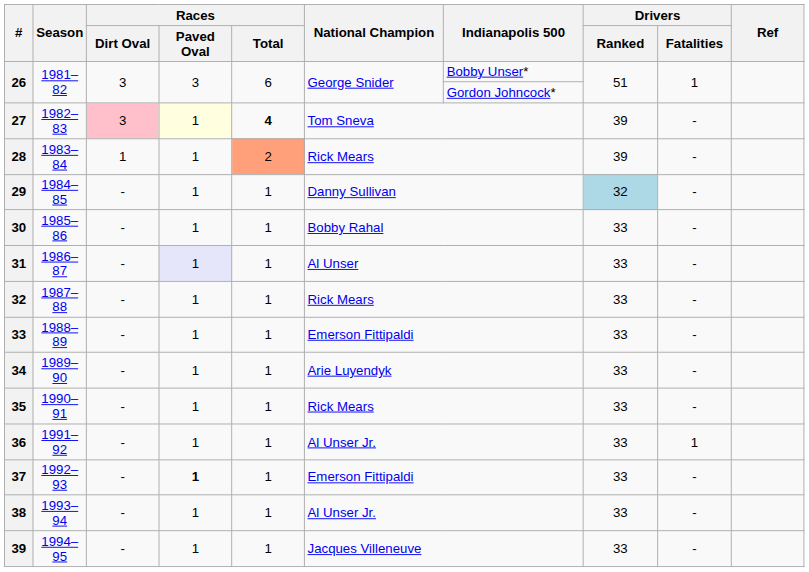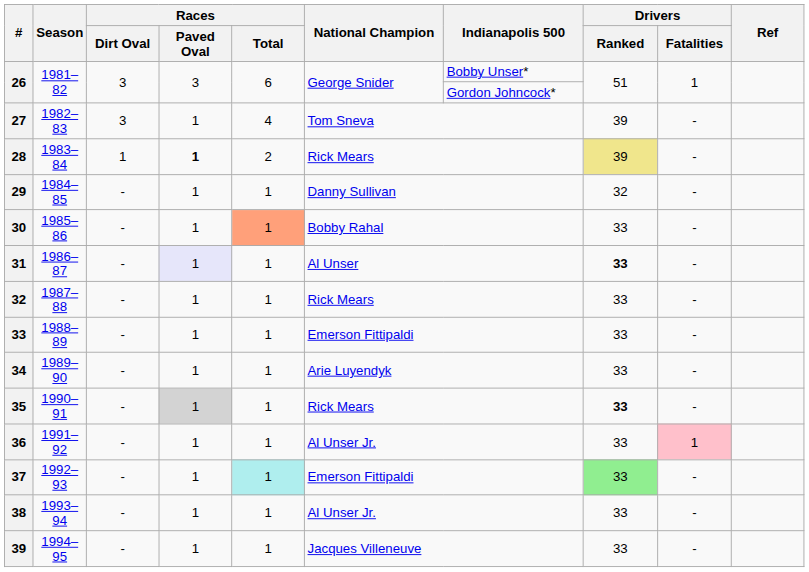 <table class="wikitable" style="font-size: 90%">
 <tr>
 <th rowspan="2" width="25">#</th>
 <th rowspan="2" width="50">Season</th>
 <th colspan="3">Races</th>
 <th rowspan="2" width="150">National Champion</th>
 <th rowspan="2" width="150">Indianapolis 500</th>
 <th colspan="2">Drivers</th>
 <th rowspan="2" width="75">Ref</th>
 </tr>
 <tr>
 <th width="75">Dirt Oval</th>
 <th width="75">Paved Oval</th>
 <th width="75">Total</th>
 <th width="75">Ranked</th>
 <th width="75">Fatalities</th>
 </tr>
 <tr>
 <th rowspan="2">26</th>
 <td align="center" rowspan="2"><a href='#'>1981–82</a></td>
 <td align="center" rowspan="2">3</td>
 <td align="center" rowspan="2">3</td>
 <td align="center" rowspan="2">6</td>
 <td rowspan="2"> <a href='#'>George Snider</a></td>
 <td> <a href='#'>Bobby Unser</a>*</td>
 <td rowspan="2" align="center">51</td>
 <td rowspan="2" align="center">1</td>
 <td rowspan="2" align="center"></td>
 </tr>
 <tr>
 <td> <a href='#'>Gordon Johncock</a>*</td>
 </tr>
 <tr>
 <th>27</th>
 <td align="center"><a href='#'>1982–83</a></td>
-<td align="center" style="background: pink;">3</td>
-<td align="center" style="background: lightyellow;">1</td>
-<td align="center"><strong>4</strong></td>
+<td align="center">3</td>
+<td align="center">1</td>
+<td align="center">4</td>
 <td colspan="2"> <a href='#'>Tom Sneva</a></td>
 <td align="center">39</td>
 <td align="center">-</td>
 <td align="center"></td>
 </tr>
 <tr>
 <th>28</th>
 <td align="center"><a href='#'>1983–84</a></td>
 <td align="center">1</td>
-<td align="center">1</td>
-<td align="center" style="background: lightsalmon;">2</td>
+<td align="center"><strong>1</strong></td>
+<td align="center">2</td>
 <td colspan="2"> <a href='#'>Rick Mears</a></td>
-<td align="center">39</td>
+<td align="center" style="background: khaki;">39</td>
 <td align="center">-</td>
 <td align="center"></td>
 </tr>
 <tr>
 <th>29</th>
 <td align="center"><a href='#'>1984–85</a></td>
 <td align="center">-</td>
 <td align="center">1</td>
 <td align="center">1</td>
 <td colspan="2"> <a href='#'>Danny Sullivan</a></td>
-<td align="center" style="background: lightblue;">32</td>
+<td align="center">32</td>
 <td align="center">-</td>
 <td align="center"></td>
 </tr>
 <tr>
 <th>30</th>
 <td align="center"><a href='#'>1985–86</a></td>
 <td align="center">-</td>
 <td align="center">1</td>
-<td align="center">1</td>
+<td align="center" style="background: lightsalmon;">1</td>
 <td colspan="2"> <a href='#'>Bobby Rahal</a></td>
 <td align="center">33</td>
 <td align="center">-</td>
 <td align="center"></td>
 </tr>
 <tr>
 <th>31</th>
 <td align="center"><a href='#'>1986–87</a></td>
 <td align="center">-</td>
 <td align="center" style="background: lavender;">1</td>
 <td align="center">1</td>
 <td colspan="2"> <a href='#'>Al Unser</a></td>
-<td align="center">33</td>
+<td align="center"><strong>33</strong></td>
 <td align="center">-</td>
 <td align="center"></td>
 </tr>
 <tr>
 <th>32</th>
 <td align="center"><a href='#'>1987–88</a></td>
 <td align="center">-</td>
 <td align="center">1</td>
 <td align="center">1</td>
 <td colspan="2"> <a href='#'>Rick Mears</a></td>
 <td align="center">33</td>
 <td align="center">-</td>
 <td align="center"></td>
 </tr>
 <tr>
 <th>33</th>
 <td align="center"><a href='#'>1988–89</a></td>
 <td align="center">-</td>
 <td align="center">1</td>
 <td align="center">1</td>
 <td colspan="2"> <a href='#'>Emerson Fittipaldi</a></td>
 <td align="center">33</td>
 <td align="center">-</td>
 <td align="center"></td>
 </tr>
 <tr>
 <th>34</th>
 <td align="center"><a href='#'>1989–90</a></td>
 <td align="center">-</td>
 <td align="center">1</td>
 <td align="center">1</td>
 <td colspan="2"> <a href='#'>Arie Luyendyk</a></td>
 <td align="center">33</td>
 <td align="center">-</td>
 <td align="center"></td>
 </tr>
 <tr>
 <th>35</th>
 <td align="center"><a href='#'>1990–91</a></td>
 <td align="center">-</td>
-<td align="center">1</td>
+<td align="center" style="background: lightgrey;">1</td>
 <td align="center">1</td>
 <td colspan="2"> <a href='#'>Rick Mears</a></td>
-<td align="center">33</td>
+<td align="center"><strong>33</strong></td>
 <td align="center">-</td>
 <td align="center"></td>
 </tr>
 <tr>
 <th>36</th>
 <td align="center"><a href='#'>1991–92</a></td>
 <td align="center">-</td>
 <td align="center">1</td>
 <td align="center">1</td>
 <td colspan="2"> <a href='#'>Al Unser Jr.</a></td>
 <td align="center">33</td>
-<td align="center">1</td>
+<td align="center" style="background: pink;">1</td>
 <td align="center"></td>
 </tr>
 <tr>
 <th>37</th>
 <td align="center"><a href='#'>1992–93</a></td>
 <td align="center">-</td>
-<td align="center"><strong>1</strong></td>
 <td align="center">1</td>
+<td align="center" style="background: paleturquoise;">1</td>
 <td colspan="2"> <a href='#'>Emerson Fittipaldi</a></td>
-<td align="center">33</td>
+<td align="center" style="background: lightgreen;">33</td>
 <td align="center">-</td>
 <td align="center"></td>
 </tr>
 <tr>
 <th>38</th>
 <td align="center"><a href='#'>1993–94</a></td>
 <td align="center">-</td>
 <td align="center">1</td>
 <td align="center">1</td>
 <td colspan="2"> <a href='#'>Al Unser Jr.</a></td>
 <td align="center">33</td>
 <td align="center">-</td>
 <td align="center"></td>
 </tr>
 <tr>
 <th>39</th>
 <td align="center"><a href='#'>1994–95</a></td>
 <td align="center">-</td>
 <td align="center">1</td>
 <td align="center">1</td>
 <td colspan="2"> <a href='#'>Jacques Villeneuve</a></td>
 <td align="center">33</td>
 <td align="center">-</td>
 <td align="center"></td>
 </tr>
 </table>
